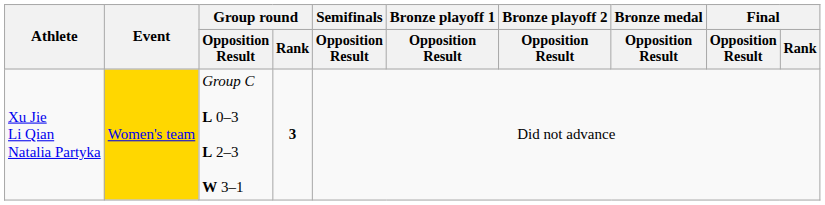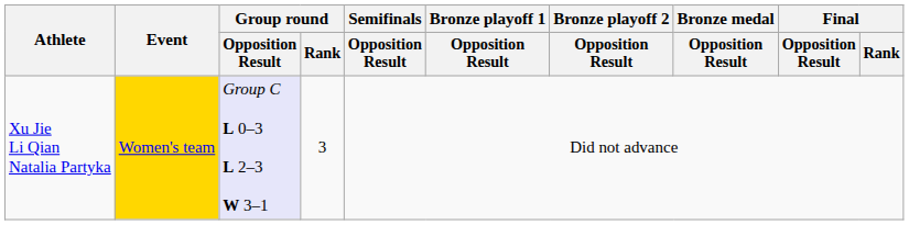 <table class="wikitable" style="font-size:90%;">
 <tr>
 <th rowspan="2">Athlete</th>
 <th rowspan="2">Event</th>
 <th colspan="2">Group round</th>
 <th>Semifinals</th>
 <th>Bronze playoff 1</th>
 <th>Bronze playoff 2</th>
 <th>Bronze medal</th>
 <th colspan=2>Final</th>
 </tr>
 <tr style="font-size:95%">
 <th>Opposition<br>Result</th>
 <th>Rank</th>
 <th>Opposition<br>Result</th>
 <th>Opposition<br>Result</th>
 <th>Opposition<br>Result</th>
 <th>Opposition<br>Result</th>
 <th>Opposition<br>Result</th>
 <th>Rank</th>
 </tr>
 <tr align=center>
 <td align=left><a href='#'>Xu Jie</a><br><a href='#'>Li Qian</a><br><a href='#'>Natalia Partyka</a></td>
 <td align=left style="background: gold;"><a href='#'>Women's team</a></td>
-<td align=left><em>Group C</em><br><br><strong>L</strong> 0–3<br><br><strong>L</strong> 2–3<br><br><strong>W</strong> 3–1</td>
-<td><strong>3</strong></td>
+<td align=left style="background: lavender;"><em>Group C</em><br><br><strong>L</strong> 0–3<br><br><strong>L</strong> 2–3<br><br><strong>W</strong> 3–1</td>
+<td>3</td>
 <td colspan=6>Did not advance</td>
 </tr>
 </table>
